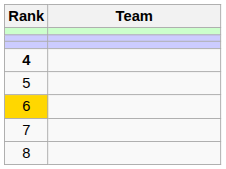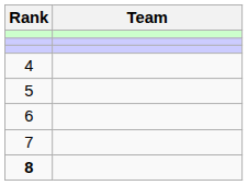 <table class="wikitable" style="text-align:center">
 <tr>
 <th width=40>Rank</th>
 <th width=180>Team</th>
 </tr>
 <tr bgcolor=#ccffcc>
 <td></td>
 <td align=left></td>
 </tr>
 <tr bgcolor=#ccccff>
 <td></td>
 <td align=left></td>
 </tr>
 <tr bgcolor=#ccccff>
 <td></td>
 <td align=left></td>
 </tr>
 <tr>
-<td><strong>4</strong></td>
+<td>4</td>
 <td align=left></td>
 </tr>
 <tr>
 <td>5</td>
 <td align=left></td>
 </tr>
 <tr>
-<td style="background: gold;">6</td>
+<td>6</td>
 <td align=left></td>
 </tr>
 <tr>
 <td>7</td>
 <td align=left></td>
 </tr>
 <tr>
-<td>8</td>
+<td><strong>8</strong></td>
 <td align=left></td>
 </tr>
 </table>
